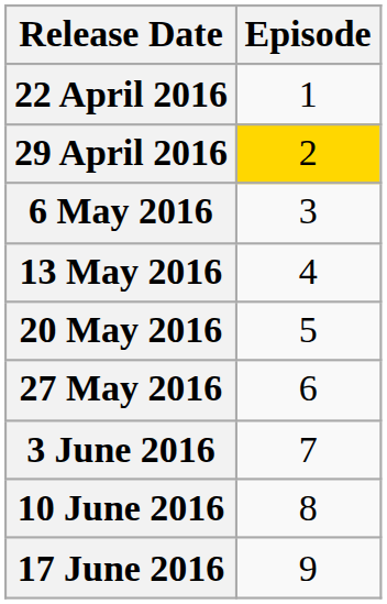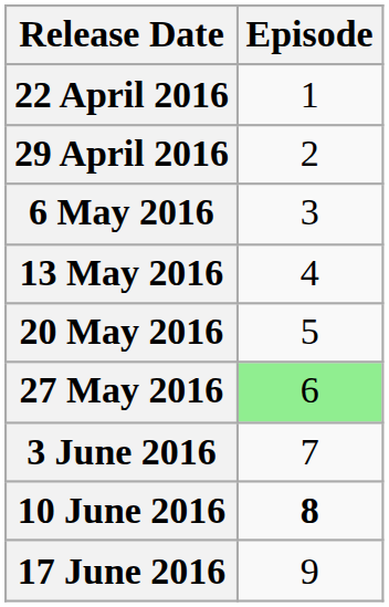 <table class=wikitable mw-collapsible style="text-align:center">
 <tr>
 <th>Release Date</th>
 <th>Episode</th>
 </tr>
 <tr>
 <th>22 April 2016</th>
 <td>1</td>
 </tr>
 <tr>
 <th>29 April 2016</th>
-<td style="background: gold;">2</td>
+<td>2</td>
 </tr>
 <tr>
 <th>6 May 2016</th>
 <td>3</td>
 </tr>
 <tr>
 <th>13 May 2016</th>
 <td>4</td>
 </tr>
 <tr>
 <th>20 May 2016</th>
 <td>5</td>
 </tr>
 <tr>
 <th>27 May 2016</th>
-<td>6</td>
+<td style="background: lightgreen;">6</td>
 </tr>
 <tr>
 <th>3 June 2016</th>
 <td>7</td>
 </tr>
 <tr>
 <th>10 June 2016</th>
-<td>8</td>
+<td><strong>8</strong></td>
 </tr>
 <tr>
 <th>17 June 2016</th>
 <td>9</td>
 </tr>
 </table>
